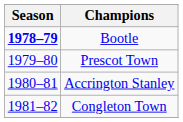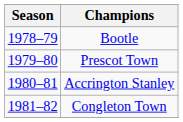 <table class="wikitable" style="text-align: center">
 <tr>
 </tr>
 <tr>
 <th>Season</th>
 <th>Champions</th>
 </tr>
 <tr>
-<td><strong><a href='#'>1978–79</a></strong></td>
+<td><a href='#'>1978–79</a></td>
 <td><a href='#'>Bootle</a></td>
 </tr>
 <tr>
 <td><a href='#'>1979–80</a></td>
 <td><a href='#'>Prescot Town</a></td>
 </tr>
 <tr>
 <td><a href='#'>1980–81</a></td>
 <td><a href='#'>Accrington Stanley</a></td>
 </tr>
 <tr>
 <td><a href='#'>1981–82</a></td>
 <td><a href='#'>Congleton Town</a></td>
 </tr>
 <tr>
 </tr>
 </table>
